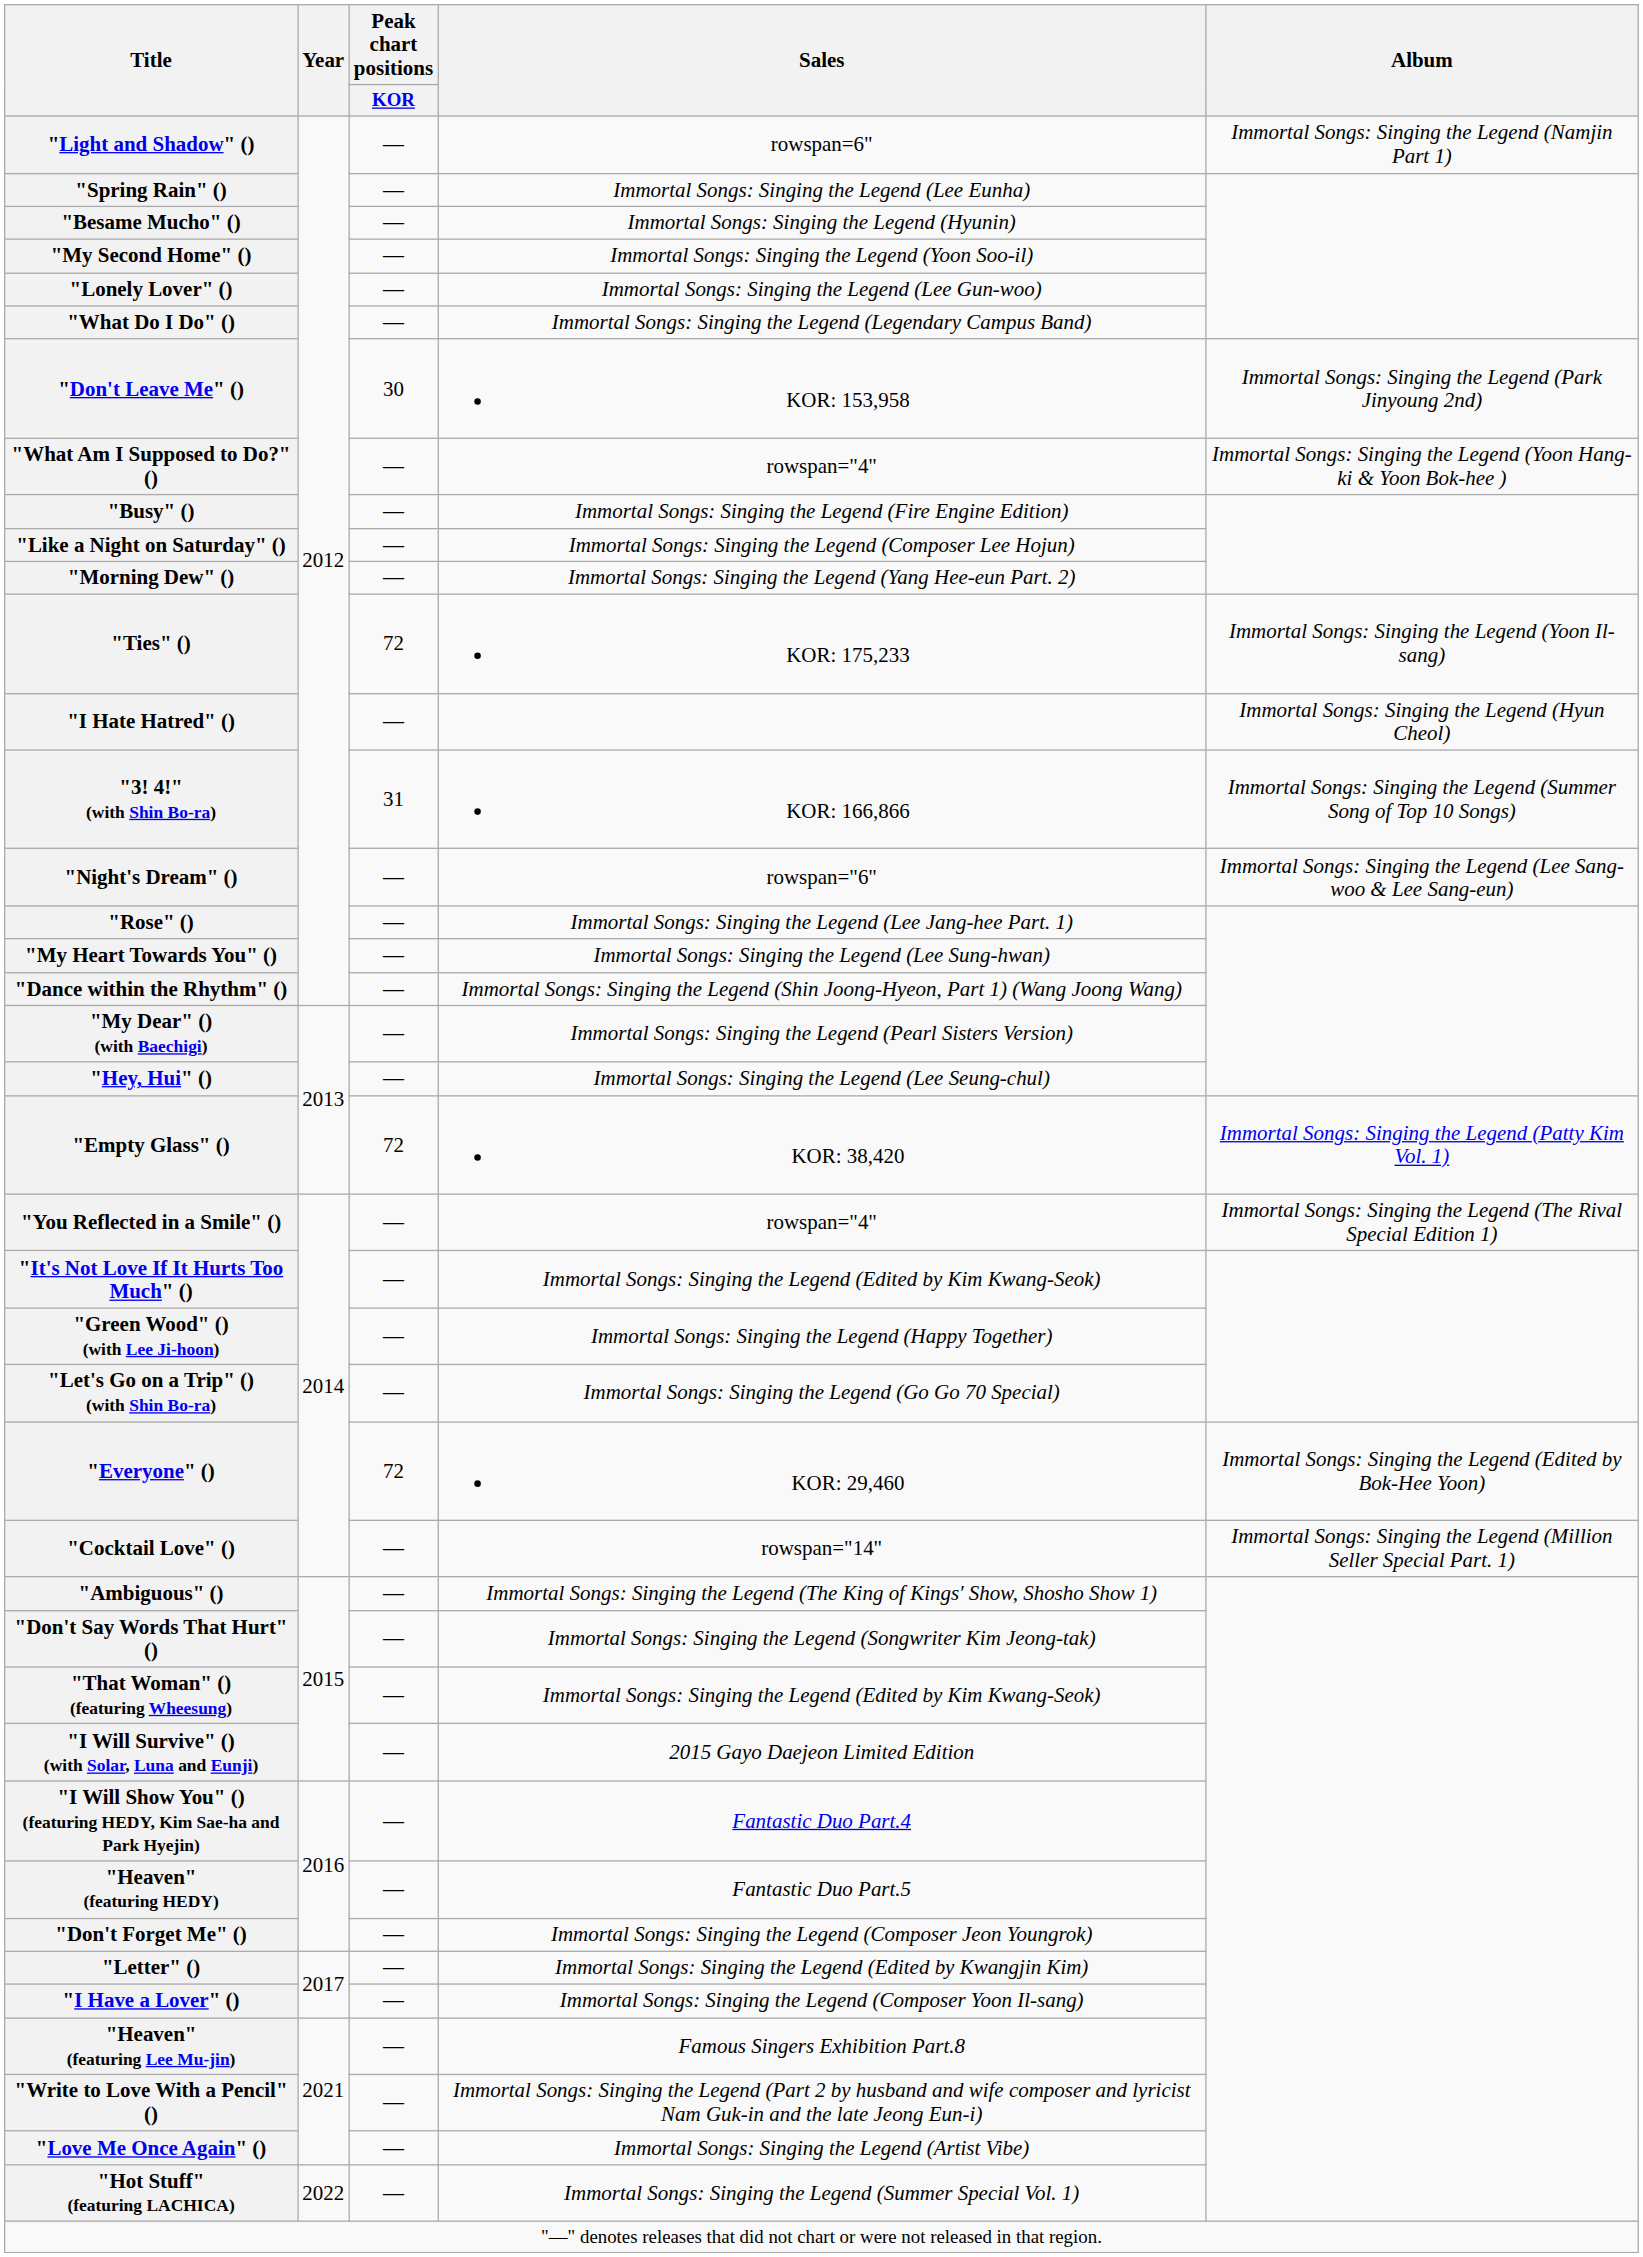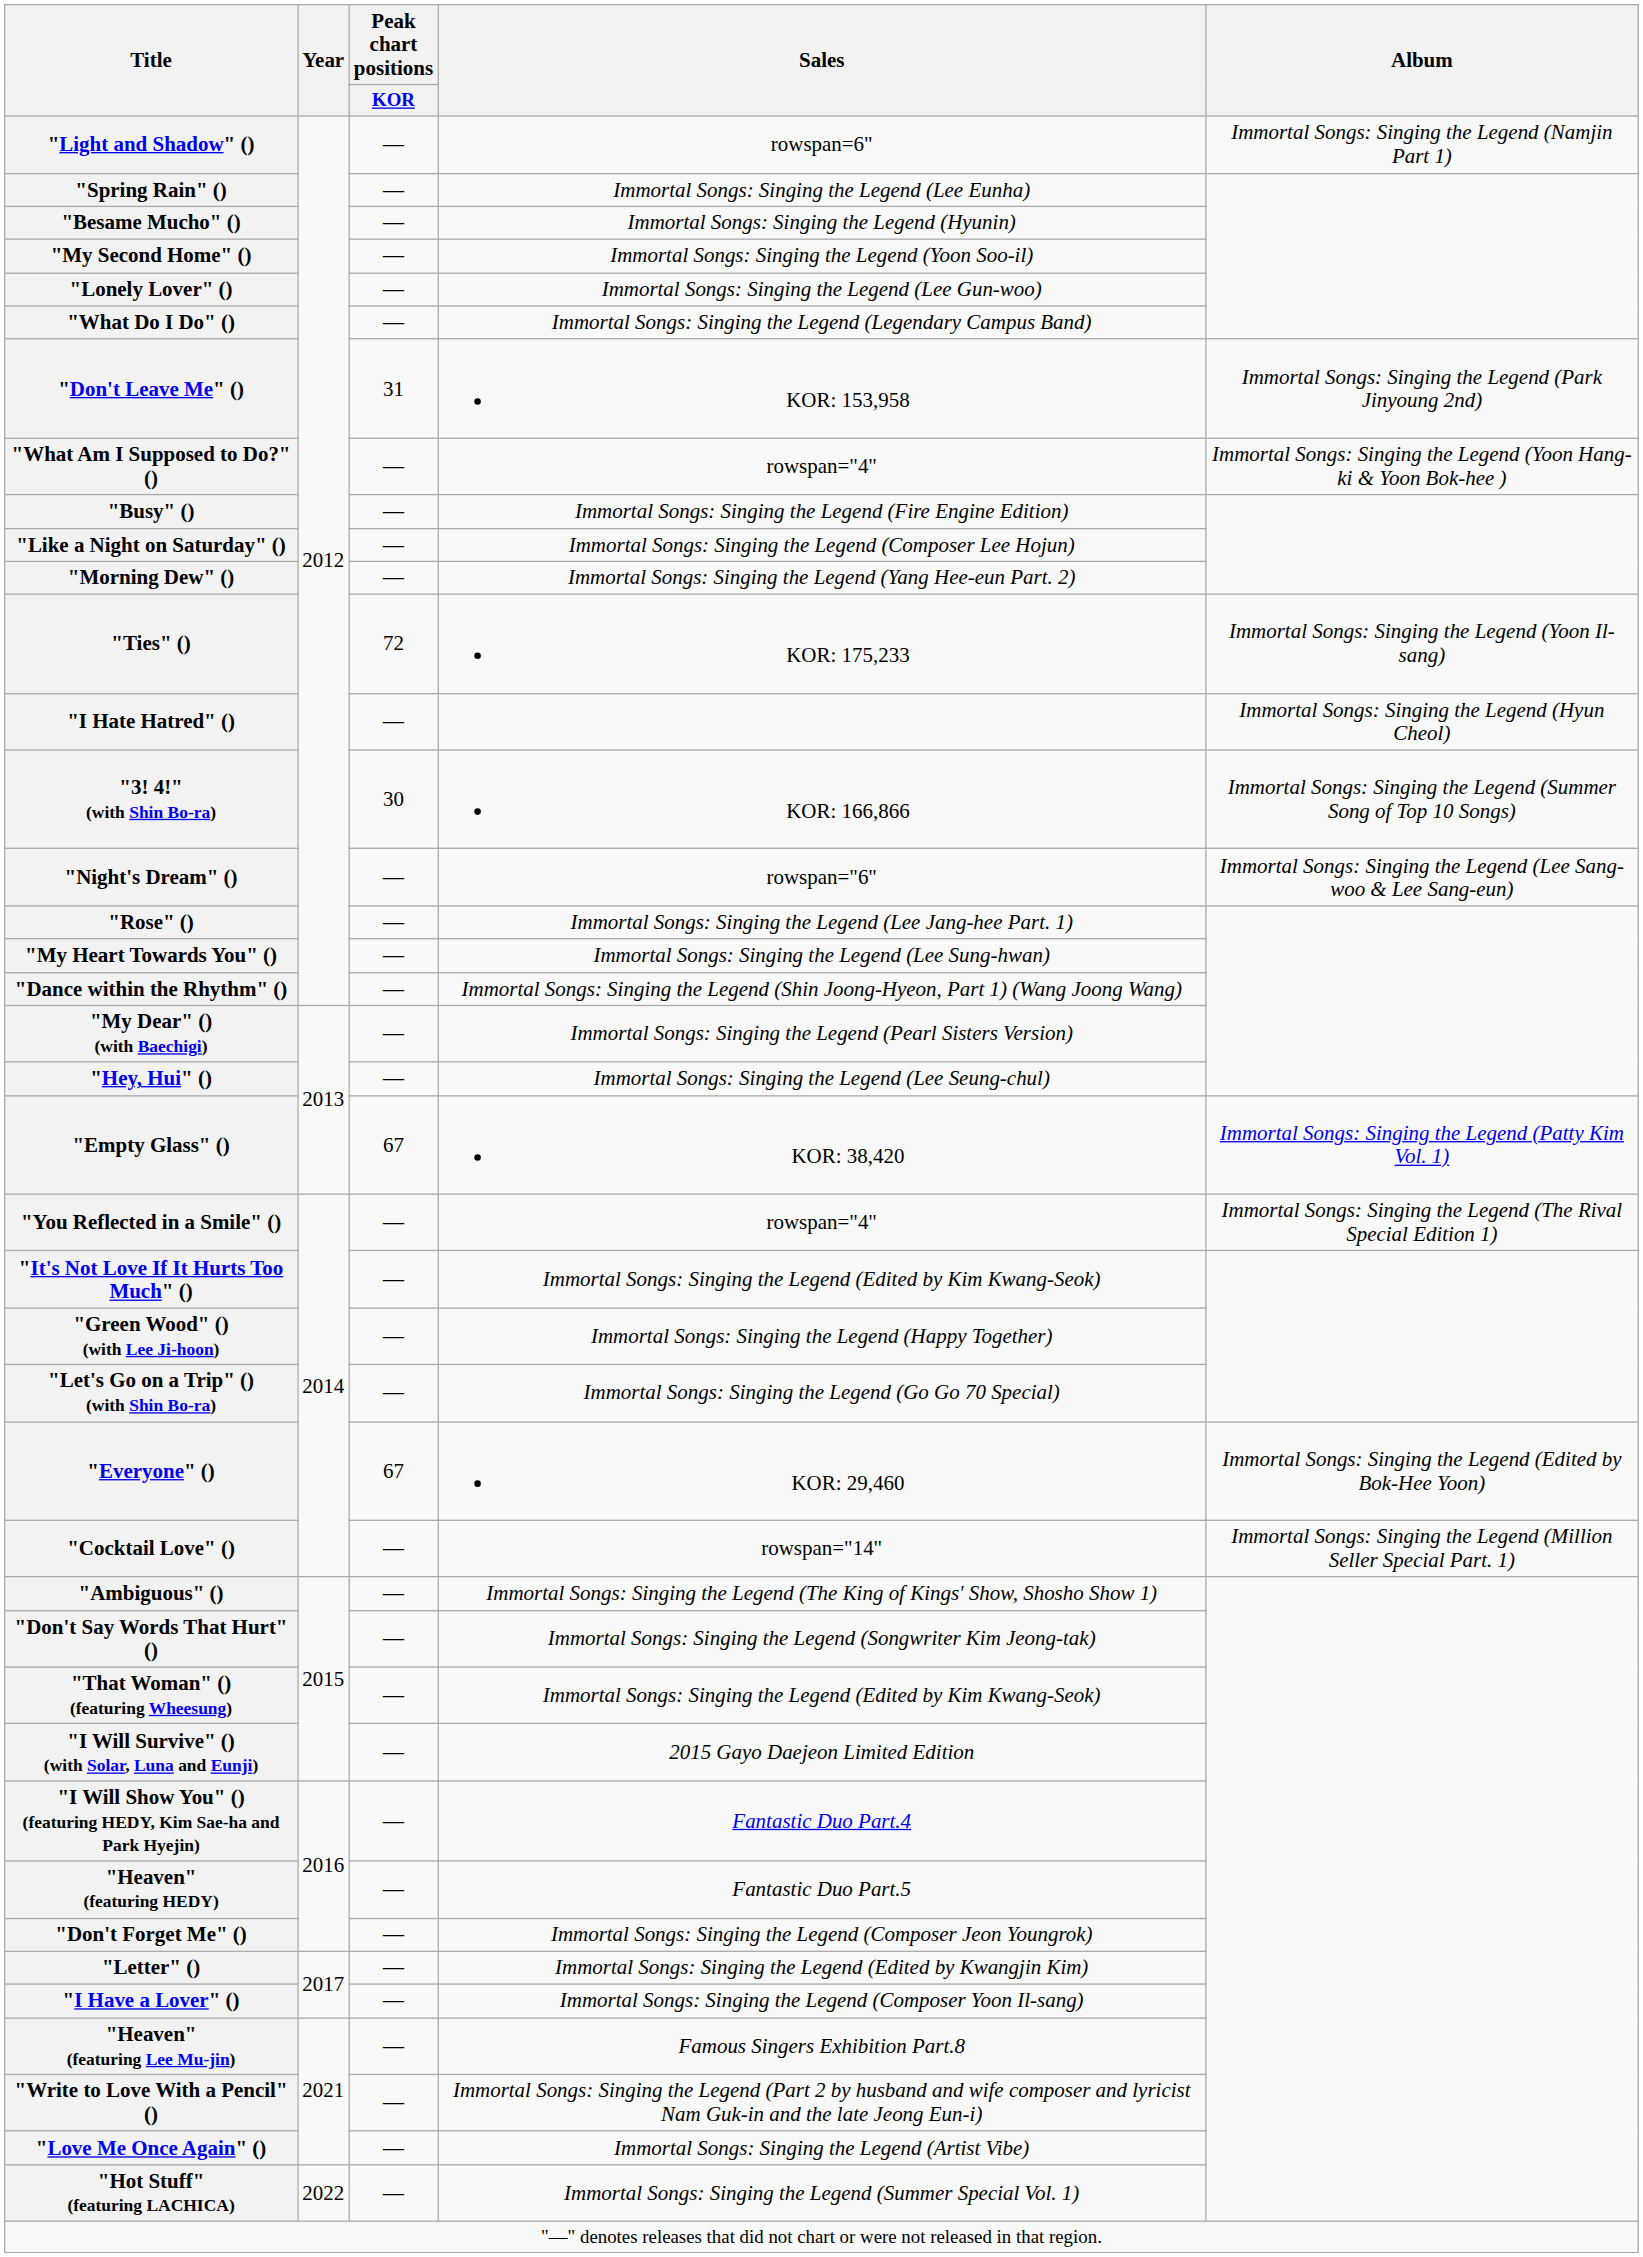 <table class="wikitable plainrowheaders" style="text-align:center;">
 <tr>
 <th scope="col" rowspan="2">Title</th>
 <th scope="col" rowspan="2">Year</th>
 <th scope="col">Peak chart positions</th>
 <th scope="col" rowspan="2">Sales</th>
 <th scope="col" rowspan="2">Album</th>
 </tr>
 <tr>
 <th scope="col" style="width:3em;font-size:90%;"><a href='#'>KOR</a><br></th>
 </tr>
 <tr>
 <th scope="row">"<a href='#'>Light and Shadow</a>" ()</th>
 <td rowspan="18">2012</td>
 <td>—</td>
 <td>rowspan=6"</td>
 <td><em>Immortal Songs: Singing the Legend (Namjin Part 1)</em></td>
 </tr>
 <tr>
 <th scope="row">"Spring Rain" ()</th>
 <td>—</td>
 <td><em>Immortal Songs: Singing the Legend (Lee Eunha)</em></td>
 </tr>
 <tr>
 <th scope="row">"Besame Mucho" ()</th>
 <td>—</td>
 <td><em>Immortal Songs: Singing the Legend (Hyunin)</em></td>
 </tr>
 <tr>
 <th scope="row">"My Second Home" ()</th>
 <td>—</td>
 <td><em>Immortal Songs: Singing the Legend (Yoon Soo-il)</em></td>
 </tr>
 <tr>
 <th scope="row">"Lonely Lover" ()</th>
 <td>—</td>
 <td><em>Immortal Songs: Singing the Legend (Lee Gun-woo)</em></td>
 </tr>
 <tr>
 <th scope="row">"What Do I Do" ()</th>
 <td>—</td>
 <td><em>Immortal Songs: Singing the Legend (Legendary Campus Band)</em></td>
 </tr>
 <tr>
 <th scope="row">"<a href='#'>Don't Leave Me</a>" ()</th>
-<td>30</td>
+<td>31</td>
 <td><br><ul><li>KOR: 153,958</li></ul></td>
 <td><em>Immortal Songs: Singing the Legend (Park Jinyoung 2nd)</em></td>
 </tr>
 <tr>
 <th scope="row">"What Am I Supposed to Do?" ()</th>
 <td>—</td>
 <td>rowspan="4"</td>
 <td><em>Immortal Songs: Singing the Legend (Yoon Hang-ki & Yoon Bok-hee )</em></td>
 </tr>
 <tr>
 <th scope="row">"Busy" ()</th>
 <td>—</td>
 <td><em>Immortal Songs: Singing the Legend (Fire Engine Edition)</em></td>
 </tr>
 <tr>
 <th scope="row">"Like a Night on Saturday" ()</th>
 <td>—</td>
 <td><em>Immortal Songs: Singing the Legend (Composer Lee Hojun)</em></td>
 </tr>
 <tr>
 <th scope="row">"Morning Dew" ()</th>
 <td>—</td>
 <td><em>Immortal Songs: Singing the Legend (Yang Hee-eun Part. 2)</em></td>
 </tr>
 <tr>
 <th scope="row">"Ties" ()</th>
 <td>72</td>
 <td><br><ul><li>KOR: 175,233</li></ul></td>
 <td><em>Immortal Songs: Singing the Legend (Yoon Il-sang)</em></td>
 </tr>
 <tr>
 <th scope="row">"I Hate Hatred" ()</th>
 <td>—</td>
 <td></td>
 <td><em>Immortal Songs: Singing the Legend (Hyun Cheol)</em></td>
 </tr>
 <tr>
 <th scope="row">"3! 4!"<br><small>(with <a href='#'>Shin Bo-ra</a>)</small></th>
-<td>31</td>
+<td>30</td>
 <td><br><ul><li>KOR: 166,866</li></ul></td>
 <td><em>Immortal Songs: Singing the Legend (Summer Song of Top 10 Songs)</em></td>
 </tr>
 <tr>
 <th scope="row">"Night's Dream" ()</th>
 <td>—</td>
 <td>rowspan="6" </td>
 <td><em>Immortal Songs: Singing the Legend (Lee Sang-woo & Lee Sang-eun)</em></td>
 </tr>
 <tr>
 <th scope="row">"Rose" ()</th>
 <td>—</td>
 <td><em>Immortal Songs: Singing the Legend (Lee Jang-hee Part. 1)</em></td>
 </tr>
 <tr>
 <th scope="row">"My Heart Towards You" ()</th>
 <td>—</td>
 <td><em>Immortal Songs: Singing the Legend (Lee Sung-hwan)</em></td>
 </tr>
 <tr>
 <th scope="row">"Dance within the Rhythm" ()</th>
 <td>—</td>
 <td><em>Immortal Songs: Singing the Legend (Shin Joong-Hyeon, Part 1) (Wang Joong Wang)</em></td>
 </tr>
 <tr>
 <th scope="row">"My Dear" ()<br><small>(with <a href='#'>Baechigi</a>)</small></th>
 <td rowspan="3">2013</td>
 <td>—</td>
 <td><em>Immortal Songs: Singing the Legend (Pearl Sisters Version)</em></td>
 </tr>
 <tr>
 <th scope="row">"<a href='#'>Hey, Hui</a>" ()</th>
 <td>—</td>
 <td><em>Immortal Songs: Singing the Legend (Lee Seung-chul)</em></td>
 </tr>
 <tr>
 <th scope="row">"Empty Glass" ()</th>
-<td>72</td>
+<td>67</td>
 <td><br><ul><li>KOR: 38,420</li></ul></td>
 <td><em><a href='#'>Immortal Songs: Singing the Legend (Patty Kim Vol. 1)</a></em></td>
 </tr>
 <tr>
 <th scope="row">"You Reflected in a Smile" ()</th>
 <td rowspan="6">2014</td>
 <td>—</td>
 <td>rowspan="4" </td>
 <td><em>Immortal Songs: Singing the Legend (The Rival Special Edition 1)</em></td>
 </tr>
 <tr>
 <th scope="row">"<a href='#'>It's Not Love If It Hurts Too Much</a>" ()</th>
 <td>—</td>
 <td><em>Immortal Songs: Singing the Legend (Edited by Kim Kwang-Seok)</em></td>
 </tr>
 <tr>
 <th scope="row">"Green Wood" ()<br><small>(with <a href='#'>Lee Ji-hoon</a>)</small></th>
 <td>—</td>
 <td><em>Immortal Songs: Singing the Legend (Happy Together)</em></td>
 </tr>
 <tr>
 <th scope="row">"Let's Go on a Trip" ()<br><small>(with <a href='#'>Shin Bo-ra</a>)</small></th>
 <td>—</td>
 <td><em>Immortal Songs: Singing the Legend (Go Go 70 Special)</em></td>
 </tr>
 <tr>
 <th scope="row">"<a href='#'>Everyone</a>" ()</th>
-<td>72</td>
+<td>67</td>
 <td><br><ul><li>KOR: 29,460</li></ul></td>
 <td><em>Immortal Songs: Singing the Legend (Edited by Bok-Hee Yoon)</em></td>
 </tr>
 <tr>
 <th scope="row">"Cocktail Love" ()</th>
 <td>—</td>
 <td>rowspan="14" </td>
 <td><em>Immortal Songs: Singing the Legend (Million Seller Special Part. 1)</em></td>
 </tr>
 <tr>
 <th scope="row">"Ambiguous" ()</th>
 <td rowspan="4">2015</td>
 <td>—</td>
 <td><em>Immortal Songs: Singing the Legend (The King of Kings' Show, Shosho Show 1)</em></td>
 </tr>
 <tr>
 <th scope="row">"Don't Say Words That Hurt" ()</th>
 <td>—</td>
 <td><em>Immortal Songs: Singing the Legend (Songwriter Kim Jeong-tak)</em></td>
 </tr>
 <tr>
 <th scope="row">"That Woman" ()<br><small>(featuring <a href='#'>Wheesung</a>)</small></th>
 <td>—</td>
 <td><em>Immortal Songs: Singing the Legend (Edited by Kim Kwang-Seok)</em></td>
 </tr>
 <tr>
 <th scope="row">"I Will Survive" ()<br><small>(with <a href='#'>Solar</a>, <a href='#'>Luna</a> and <a href='#'>Eunji</a>)</small></th>
 <td>—</td>
 <td><em>2015 Gayo Daejeon Limited Edition</em></td>
 </tr>
 <tr>
 <th scope="row">"I Will Show You" ()<br><small>(featuring HEDY, Kim Sae-ha and Park Hyejin)</small></th>
 <td rowspan="3">2016</td>
 <td>—</td>
 <td><em><a href='#'>Fantastic Duo Part.4</a></em></td>
 </tr>
 <tr>
 <th scope="row">"Heaven"<br><small>(featuring HEDY)</small></th>
 <td>—</td>
 <td><em>Fantastic Duo Part.5</em></td>
 </tr>
 <tr>
 <th scope="row">"Don't Forget Me" ()</th>
 <td>—</td>
 <td><em>Immortal Songs: Singing the Legend (Composer Jeon Youngrok)</em></td>
 </tr>
 <tr>
 <th scope="row">"Letter" ()</th>
 <td rowspan="2">2017</td>
 <td>—</td>
 <td><em>Immortal Songs: Singing the Legend (Edited by Kwangjin Kim)</em></td>
 </tr>
 <tr>
 <th scope="row">"<a href='#'>I Have a Lover</a>" ()</th>
 <td>—</td>
 <td><em>Immortal Songs: Singing the Legend (Composer Yoon Il-sang)</em></td>
 </tr>
 <tr>
 <th scope="row">"Heaven"<br><small>(featuring <a href='#'>Lee Mu-jin</a>)</small></th>
 <td rowspan="3">2021</td>
 <td>—</td>
 <td><em>Famous Singers Exhibition Part.8</em></td>
 </tr>
 <tr>
 <th scope="row">"Write to Love With a Pencil" ()</th>
 <td>—</td>
 <td><em>Immortal Songs: Singing the Legend (Part 2 by husband and wife composer and lyricist Nam Guk-in and the late Jeong Eun-i)</em></td>
 </tr>
 <tr>
 <th scope="row">"<a href='#'>Love Me Once Again</a>" ()</th>
 <td>—</td>
 <td><em>Immortal Songs: Singing the Legend (Artist Vibe)</em></td>
 </tr>
 <tr>
 <th scope="row">"Hot Stuff"<br><small>(featuring LACHICA)</small></th>
 <td>2022</td>
 <td>—</td>
 <td><em>Immortal Songs: Singing the Legend (Summer Special Vol. 1)</em></td>
 </tr>
 <tr>
 <td colspan="5" style="font-size:90%">"—" denotes releases that did not chart or were not released in that region.</td>
 </tr>
 </table>
